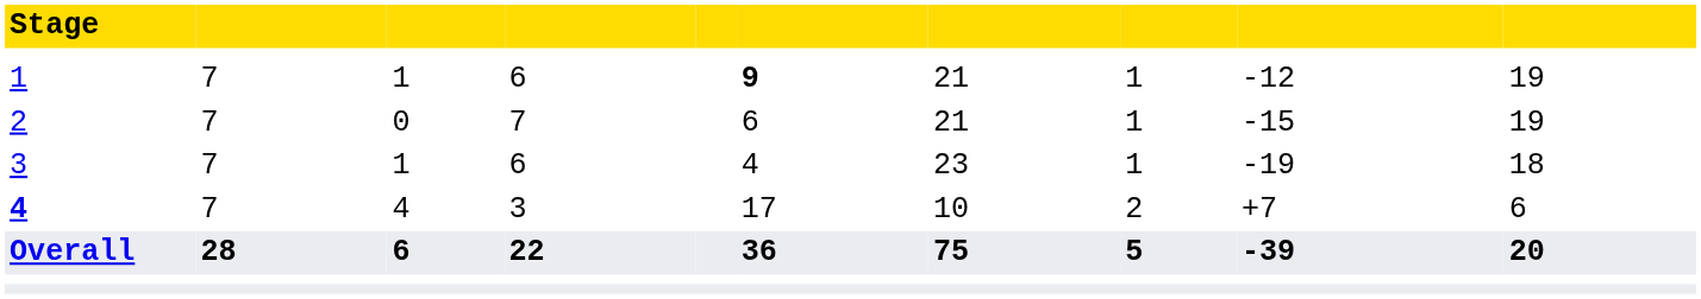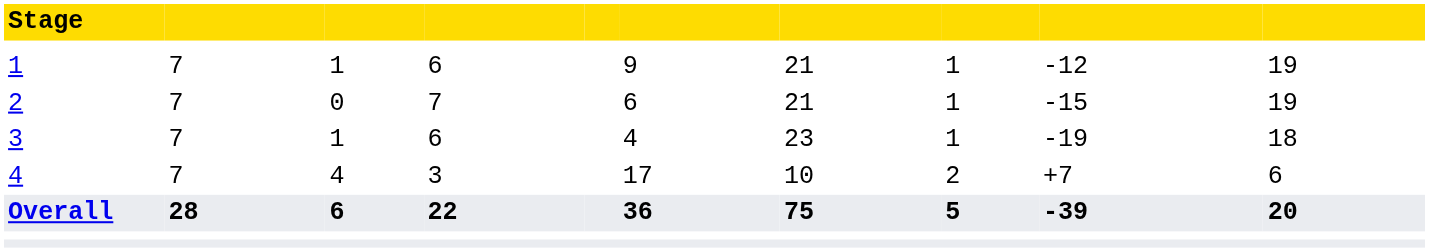 <table class="toccolours" border=0 cellpadding="2" cellspacing="0" style="font-size:95%; text-align:left; width:700px;">
 <tr align="left" style="background:#FEDC01; color:#000000;">
 <th style="width:75px">Stage</th>
 <th></th>
 <th></th>
 <th></th>
 <th></th>
 <th></th>
 <th></th>
 <th></th>
 <th></th>
 <th></th>
 </tr>
 <tr>
 <td colspan = "10"></td>
 </tr>
 <tr>
 </tr>
 <tr style="">
 <td><a href='#'>1</a></td>
 <td>7</td>
 <td>1</td>
 <td>6</td>
 <td></td>
-<td><strong>9</strong></td>
+<td>9</td>
 <td>21</td>
 <td>1</td>
 <td>-12</td>
 <td>19</td>
 </tr>
 <tr>
 <td><a href='#'>2</a></td>
 <td>7</td>
 <td>0</td>
 <td>7</td>
 <td></td>
 <td>6</td>
 <td>21</td>
 <td>1</td>
 <td>-15</td>
 <td>19</td>
 </tr>
 <tr>
 <td><a href='#'>3</a></td>
 <td>7</td>
 <td>1</td>
 <td>6</td>
 <td></td>
 <td>4</td>
 <td>23</td>
 <td>1</td>
 <td>-19</td>
 <td>18</td>
 </tr>
 <tr>
-<td><strong><a href='#'>4</a></strong></td>
+<td><a href='#'>4</a></td>
 <td>7</td>
 <td>4</td>
 <td>3</td>
 <td></td>
 <td>17</td>
 <td>10</td>
 <td>2</td>
 <td>+7</td>
 <td>6</td>
 </tr>
 <tr style="background-color:#EAECF0;">
 <th><a href='#'>Overall</a></th>
 <th>28</th>
 <th>6</th>
 <th>22</th>
 <th></th>
 <th>36</th>
 <th>75</th>
 <th>5</th>
 <th>-39</th>
 <th>20</th>
 </tr>
 <tr>
 <td colspan="10"></td>
 </tr>
 <tr align="left" style="background:#EAECF0; color:#000;">
 <td colspan="10" style="text-align:center;"> </td>
 </tr>
 </table>
